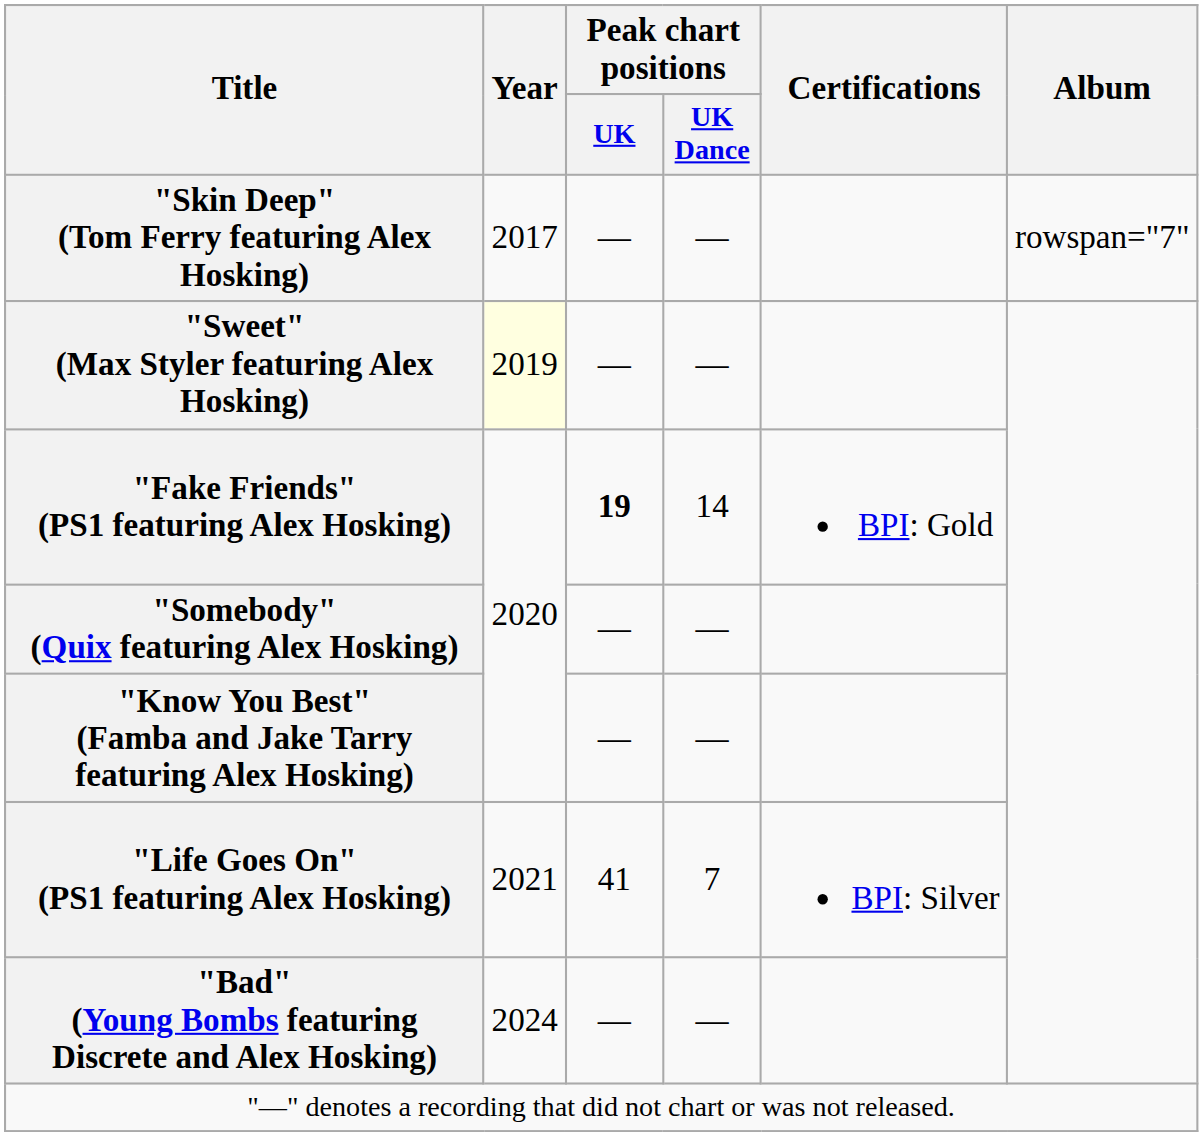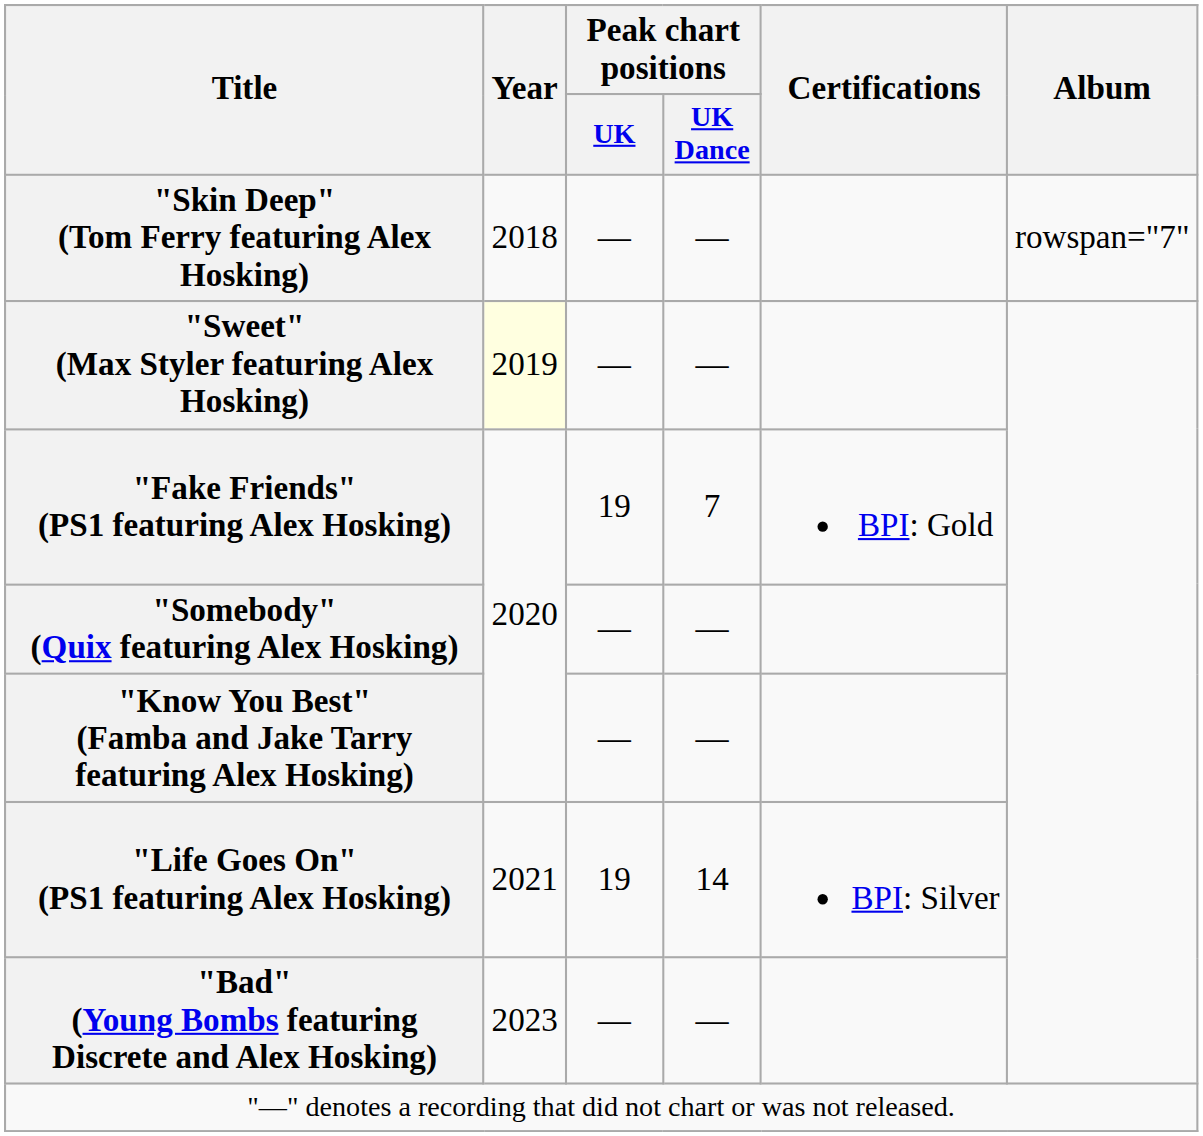 <table class="wikitable plainrowheaders" style="text-align:center;">
 <tr>
 <th scope="col" rowspan="2" style="width:14em;">Title</th>
 <th scope="col" rowspan="2" style="width:1em;">Year</th>
 <th scope="col" colspan="2">Peak chart positions</th>
 <th scope="col" rowspan="2">Certifications</th>
 <th scope="col" rowspan="2">Album</th>
 </tr>
 <tr>
 <th scope="col" style="width:3em;font-size:85%;"><a href='#'>UK</a><br></th>
 <th scope="col" style="width:3em;font-size:85%;"><a href='#'>UK Dance</a><br></th>
 </tr>
 <tr>
 <th scope="row">"Skin Deep"<br><span>(Tom Ferry featuring Alex Hosking)</span></th>
-<td>2017</td>
+<td>2018</td>
 <td>—</td>
 <td>—</td>
 <td></td>
 <td>rowspan="7" </td>
 </tr>
 <tr>
 <th scope="row">"Sweet"<br><span>(Max Styler featuring Alex Hosking)</span></th>
 <td style="background: lightyellow;">2019</td>
 <td>—</td>
 <td>—</td>
 <td></td>
 </tr>
 <tr>
 <th scope="row">"Fake Friends"<br><span>(PS1 featuring Alex Hosking)</span></th>
 <td rowspan="3">2020</td>
-<td><strong>19</strong></td>
-<td>14</td>
+<td>19</td>
+<td>7</td>
 <td><br><ul><li><a href='#'>BPI</a>: Gold</li></ul></td>
 </tr>
 <tr>
 <th scope="row">"Somebody"<br><span>(<a href='#'>Quix</a> featuring Alex Hosking)</span></th>
 <td>—</td>
 <td>—</td>
 <td></td>
 </tr>
 <tr>
 <th scope="row">"Know You Best"<br><span>(Famba and Jake Tarry featuring Alex Hosking)</span></th>
 <td>—</td>
 <td>—</td>
 <td></td>
 </tr>
 <tr>
 <th scope="row">"Life Goes On"<br><span>(PS1 featuring Alex Hosking)</span></th>
 <td>2021</td>
-<td>41</td>
-<td>7</td>
+<td>19</td>
+<td>14</td>
 <td><br><ul><li><a href='#'>BPI</a>: Silver</li></ul></td>
 </tr>
 <tr>
 <th scope="row">"Bad" <br><span>(<a href='#'>Young Bombs</a> featuring Discrete and Alex Hosking)</span></th>
-<td>2024</td>
+<td>2023</td>
 <td>—</td>
 <td>—</td>
 <td></td>
 </tr>
 <tr>
 <td colspan="7" style="font-size:85%">"—" denotes a recording that did not chart or was not released.</td>
 </tr>
 </table>
